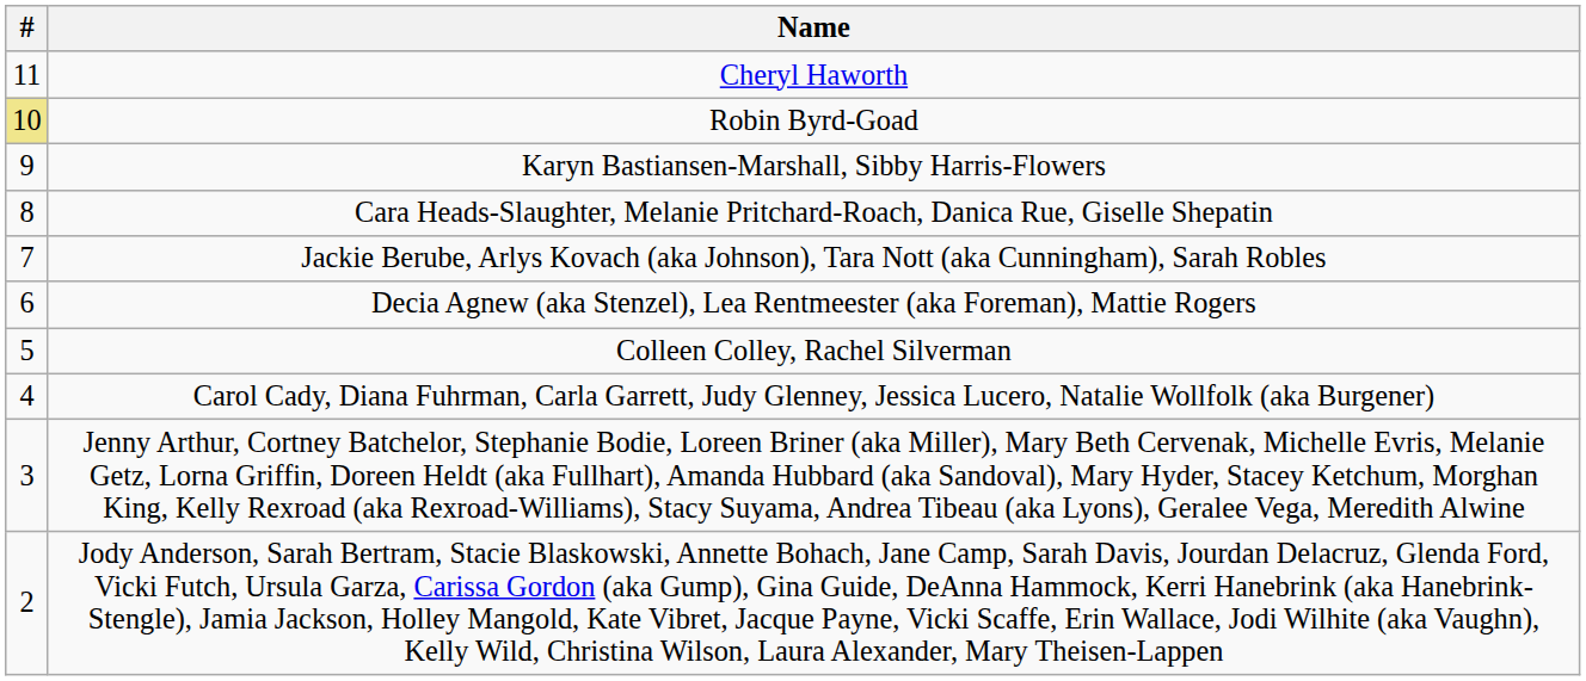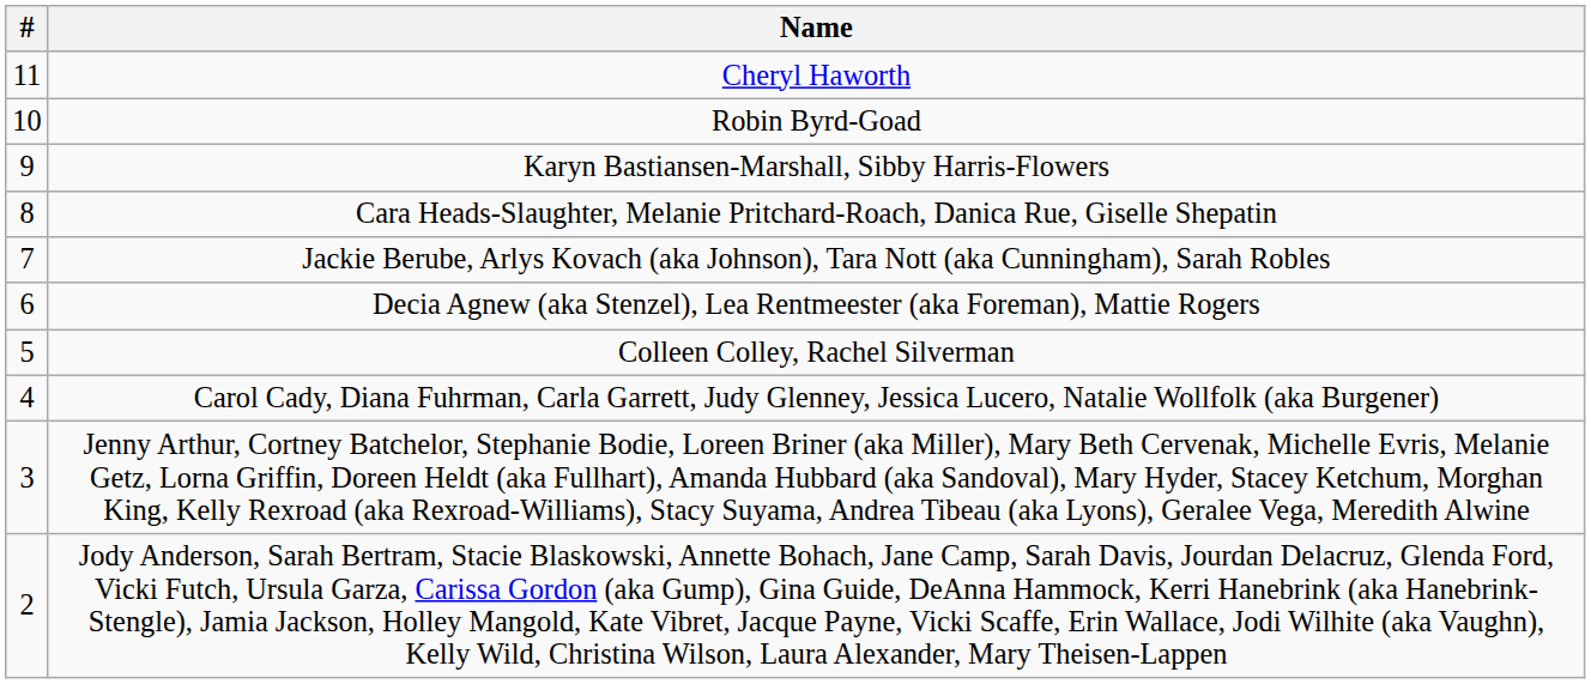 <table class = "wikitable" style="text-align:center;">
 <tr>
 <th>#</th>
 <th>Name</th>
 </tr>
 <tr>
 <td>11</td>
 <td><a href='#'>Cheryl Haworth</a></td>
 </tr>
 <tr>
-<td style="background: khaki;">10</td>
+<td>10</td>
 <td>Robin Byrd-Goad</td>
 </tr>
 <tr>
 <td>9</td>
 <td>Karyn Bastiansen-Marshall, Sibby Harris-Flowers</td>
 </tr>
 <tr>
 <td>8</td>
 <td>Cara Heads-Slaughter, Melanie Pritchard-Roach, Danica Rue, Giselle Shepatin</td>
 </tr>
 <tr>
 <td>7</td>
 <td>Jackie Berube, Arlys Kovach (aka Johnson), Tara Nott (aka Cunningham), Sarah Robles</td>
 </tr>
 <tr>
 <td>6</td>
 <td>Decia Agnew (aka Stenzel), Lea Rentmeester (aka Foreman), Mattie Rogers</td>
 </tr>
 <tr>
 <td>5</td>
 <td>Colleen Colley, Rachel Silverman</td>
 </tr>
 <tr>
 <td>4</td>
 <td>Carol Cady, Diana Fuhrman, Carla Garrett, Judy Glenney, Jessica Lucero, Natalie Wollfolk (aka Burgener)</td>
 </tr>
 <tr>
 <td>3</td>
 <td>Jenny Arthur, Cortney Batchelor, Stephanie Bodie, Loreen Briner (aka Miller), Mary Beth Cervenak, Michelle Evris, Melanie Getz, Lorna Griffin, Doreen Heldt (aka Fullhart), Amanda Hubbard (aka Sandoval), Mary Hyder, Stacey Ketchum, Morghan King, Kelly Rexroad (aka Rexroad-Williams), Stacy Suyama, Andrea Tibeau (aka Lyons), Geralee Vega, Meredith Alwine</td>
 </tr>
 <tr>
 <td>2</td>
 <td>Jody Anderson, Sarah Bertram, Stacie Blaskowski, Annette Bohach, Jane Camp, Sarah Davis, Jourdan Delacruz, Glenda Ford, Vicki Futch, Ursula Garza, <a href='#'>Carissa Gordon</a> (aka Gump), Gina Guide, DeAnna Hammock, Kerri Hanebrink (aka Hanebrink-Stengle), Jamia Jackson, Holley Mangold, Kate Vibret, Jacque Payne, Vicki Scaffe, Erin Wallace, Jodi Wilhite (aka Vaughn), Kelly Wild, Christina Wilson, Laura Alexander, Mary Theisen-Lappen</td>
 </tr>
 </table>
